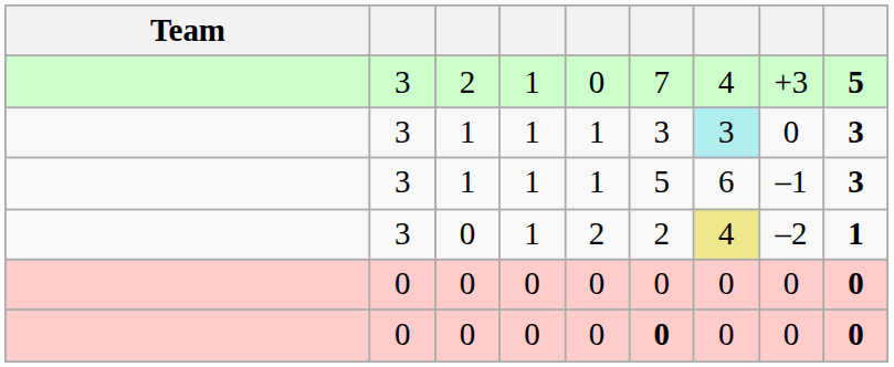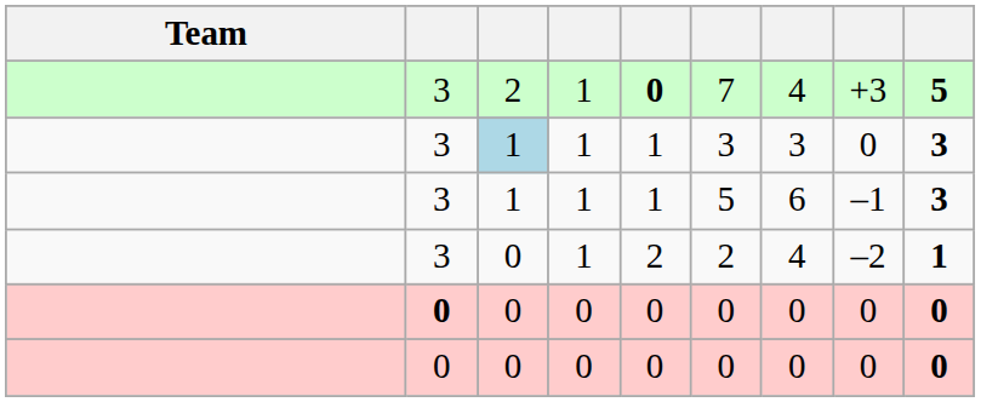 <table class="wikitable" style="text-align:center">
 <tr>
 <th width=175>Team</th>
 <th width=25></th>
 <th width=25></th>
 <th width=25></th>
 <th width=25></th>
 <th width=25></th>
 <th width=25></th>
 <th width=25></th>
 <th width=25></th>
 </tr>
 <tr bgcolor=#ccffcc>
 <td align=left></td>
 <td>3</td>
 <td>2</td>
 <td>1</td>
-<td>0</td>
+<td><strong>0</strong></td>
 <td>7</td>
 <td>4</td>
 <td>+3</td>
 <td><strong>5</strong></td>
 </tr>
 <tr>
 <td align=left></td>
 <td>3</td>
-<td>1</td>
+<td style="background: lightblue;">1</td>
 <td>1</td>
 <td>1</td>
 <td>3</td>
-<td style="background: paleturquoise;">3</td>
+<td>3</td>
 <td>0</td>
 <td><strong>3</strong></td>
 </tr>
 <tr>
 <td align=left></td>
 <td>3</td>
 <td>1</td>
 <td>1</td>
 <td>1</td>
 <td>5</td>
 <td>6</td>
 <td>–1</td>
 <td><strong>3</strong></td>
 </tr>
 <tr>
 <td align=left></td>
 <td>3</td>
 <td>0</td>
 <td>1</td>
 <td>2</td>
 <td>2</td>
-<td style="background: khaki;">4</td>
+<td>4</td>
 <td>–2</td>
 <td><strong>1</strong></td>
 </tr>
 <tr bgcolor=#ffcccc>
 <td align=left> <em></em></td>
-<td>0</td>
+<td><strong>0</strong></td>
 <td>0</td>
 <td>0</td>
 <td>0</td>
 <td>0</td>
 <td>0</td>
 <td>0</td>
 <td><strong>0</strong></td>
 </tr>
 <tr bgcolor=#ffcccc>
 <td align=left> <em></em></td>
 <td>0</td>
 <td>0</td>
 <td>0</td>
 <td>0</td>
-<td><strong>0</strong></td>
+<td>0</td>
 <td>0</td>
 <td>0</td>
 <td><strong>0</strong></td>
 </tr>
 </table>
